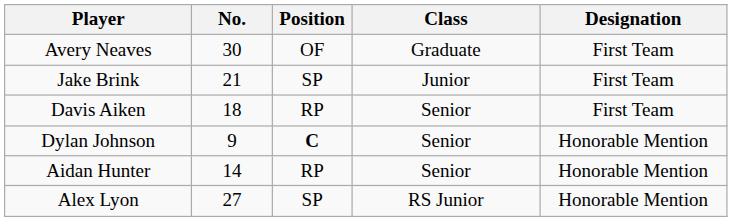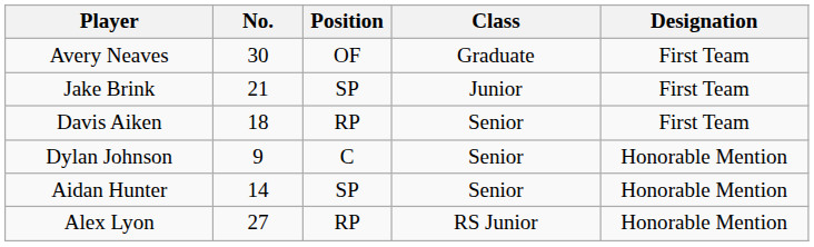 <table class="wikitable" style="text-align:center">
 <tr>
 <th style="width:150px; ">Player</th>
 <th style="width:60px; ">No.</th>
 <th style="width:60px; ">Position</th>
 <th style="width:150px; ">Class</th>
 <th style="width:150px; ">Designation</th>
 </tr>
 <tr>
 <td>Avery Neaves</td>
 <td>30</td>
 <td>OF</td>
 <td>Graduate</td>
 <td>First Team</td>
 </tr>
 <tr>
 <td>Jake Brink</td>
 <td>21</td>
 <td>SP</td>
 <td>Junior</td>
 <td>First Team</td>
 </tr>
 <tr>
 <td>Davis Aiken</td>
 <td>18</td>
 <td>RP</td>
 <td>Senior</td>
 <td>First Team</td>
 </tr>
 <tr>
 <td>Dylan Johnson</td>
 <td>9</td>
-<td><strong>C</strong></td>
+<td>C</td>
 <td>Senior</td>
 <td>Honorable Mention</td>
 </tr>
 <tr>
 <td>Aidan Hunter</td>
 <td>14</td>
-<td>RP</td>
+<td>SP</td>
 <td>Senior</td>
 <td>Honorable Mention</td>
 </tr>
 <tr>
 <td>Alex Lyon</td>
 <td>27</td>
-<td>SP</td>
+<td>RP</td>
 <td>RS Junior</td>
 <td>Honorable Mention</td>
 </tr>
 </table>
